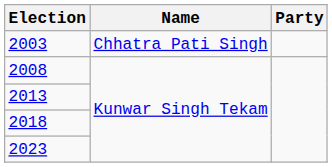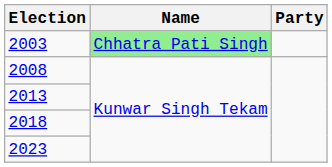 <table class="wikitable sortable">
 <tr>
 <th>Election</th>
 <th>Name</th>
 <th colspan=2>Party</th>
 </tr>
 <tr>
 <td><a href='#'>2003</a></td>
-<td><a href='#'>Chhatra Pati Singh</a></td>
+<td style="background: lightgreen;"><a href='#'>Chhatra Pati Singh</a></td>
 <td></td>
 </tr>
 <tr>
 <td><a href='#'>2008</a></td>
 <td rowspan=4><a href='#'>Kunwar Singh Tekam</a></td>
 </tr>
 <tr>
 <td><a href='#'>2013</a></td>
 </tr>
 <tr>
 <td><a href='#'>2018</a></td>
 </tr>
 <tr>
 <td><a href='#'>2023</a></td>
 </tr>
 </table>
